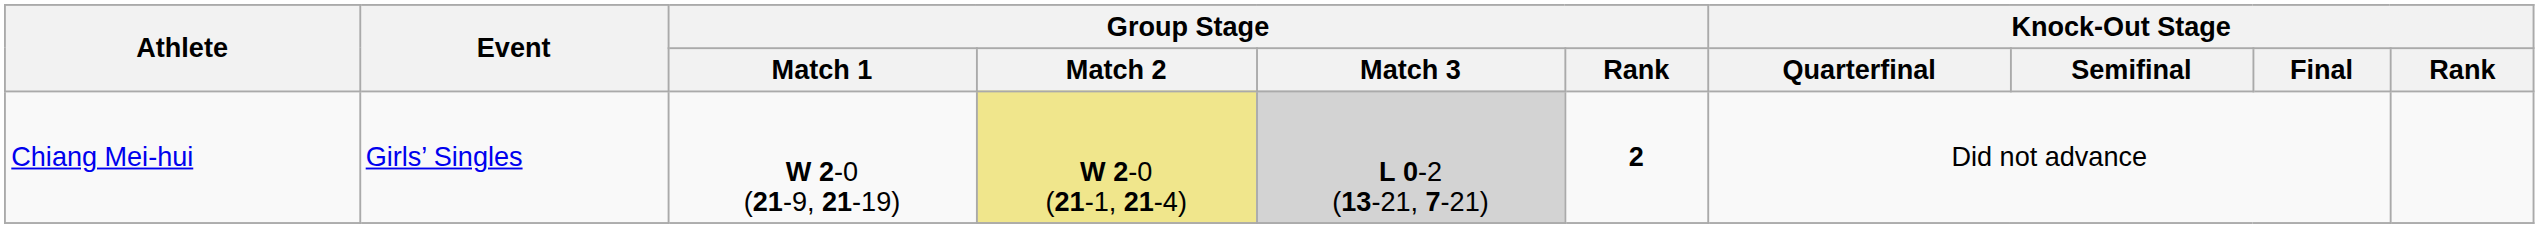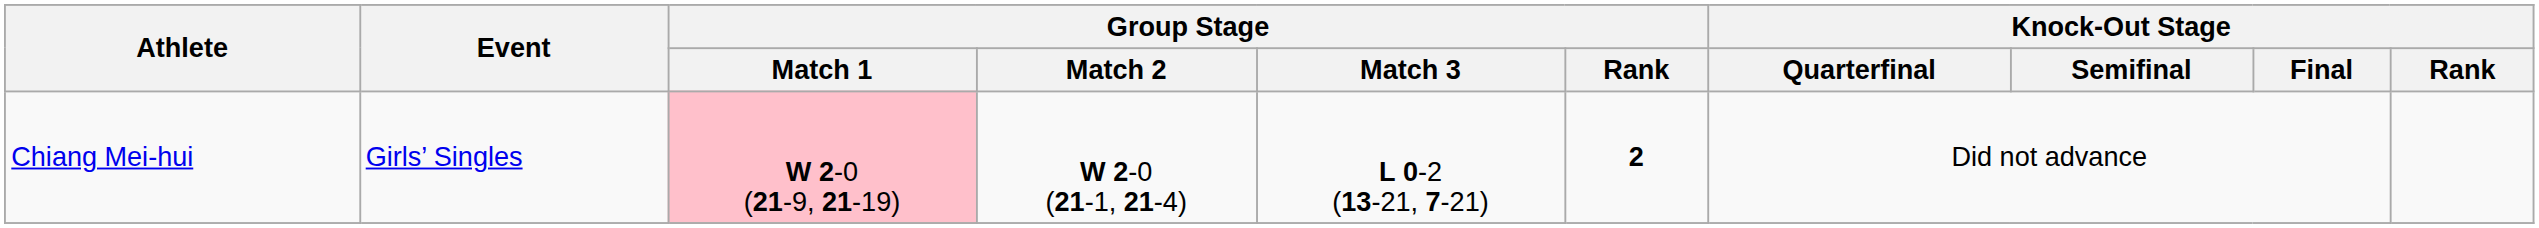 <table class="wikitable" width="85%" style="text-align:left; font-size:90%">
 <tr>
 <th rowspan=2>Athlete</th>
 <th rowspan=2>Event</th>
 <th colspan=4>Group Stage</th>
 <th colspan=4>Knock-Out Stage</th>
 </tr>
 <tr>
 <th>Match 1</th>
 <th>Match 2</th>
 <th>Match 3</th>
 <th>Rank</th>
 <th>Quarterfinal</th>
 <th>Semifinal</th>
 <th>Final</th>
 <th>Rank</th>
 </tr>
 <tr>
 <td><a href='#'>Chiang Mei-hui</a></td>
 <td><a href='#'>Girls’ Singles</a></td>
-<td align=center> <br><br><strong>W</strong> <strong>2</strong>-0 <br> (<strong>21</strong>-9, <strong>21</strong>-19)</td>
-<td align=center style="background: khaki;"> <br><br><strong>W</strong> <strong>2</strong>-0 <br> (<strong>21</strong>-1, <strong>21</strong>-4)</td>
-<td align=center style="background: lightgrey;"> <br><br><strong>L</strong> <strong>0</strong>-2 <br> (<strong>13</strong>-21, <strong>7</strong>-21)</td>
+<td align=center style="background: pink;"> <br><br><strong>W</strong> <strong>2</strong>-0 <br> (<strong>21</strong>-9, <strong>21</strong>-19)</td>
+<td align=center> <br><br><strong>W</strong> <strong>2</strong>-0 <br> (<strong>21</strong>-1, <strong>21</strong>-4)</td>
+<td align=center> <br><br><strong>L</strong> <strong>0</strong>-2 <br> (<strong>13</strong>-21, <strong>7</strong>-21)</td>
 <td align=center><strong>2</strong></td>
 <td colspan="3" align=center>Did not advance</td>
 <td align=center></td>
 </tr>
 </table>
